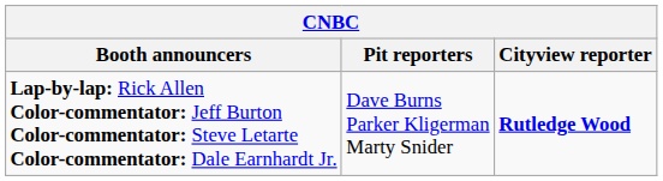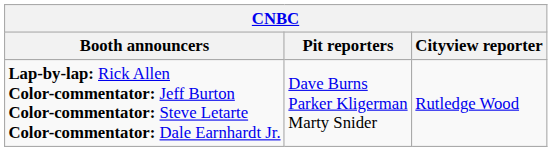 <table class="wikitable" style="font-size: 95%;">
 <tr>
 <th colspan="4"><a href='#'>CNBC</a></th>
 </tr>
 <tr>
 <th>Booth announcers</th>
 <th>Pit reporters</th>
 <th>Cityview reporter</th>
 </tr>
 <tr>
 <td><strong>Lap-by-lap:</strong> <a href='#'>Rick Allen</a><br><strong>Color-commentator:</strong> <a href='#'>Jeff Burton</a><br><strong>Color-commentator:</strong> <a href='#'>Steve Letarte</a><br><strong>Color-commentator:</strong> <a href='#'>Dale Earnhardt Jr.</a></td>
 <td><a href='#'>Dave Burns</a><br><a href='#'>Parker Kligerman</a><br>Marty Snider</td>
-<td><strong><a href='#'>Rutledge Wood</a></strong></td>
+<td><a href='#'>Rutledge Wood</a></td>
 </tr>
 </table>
